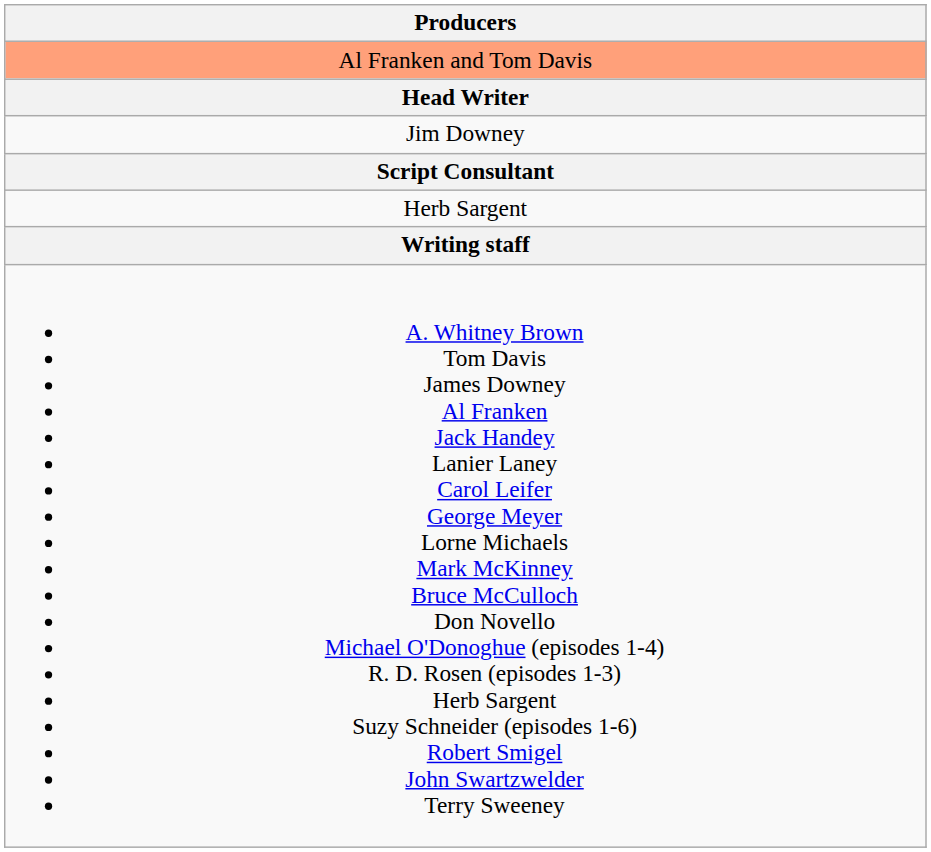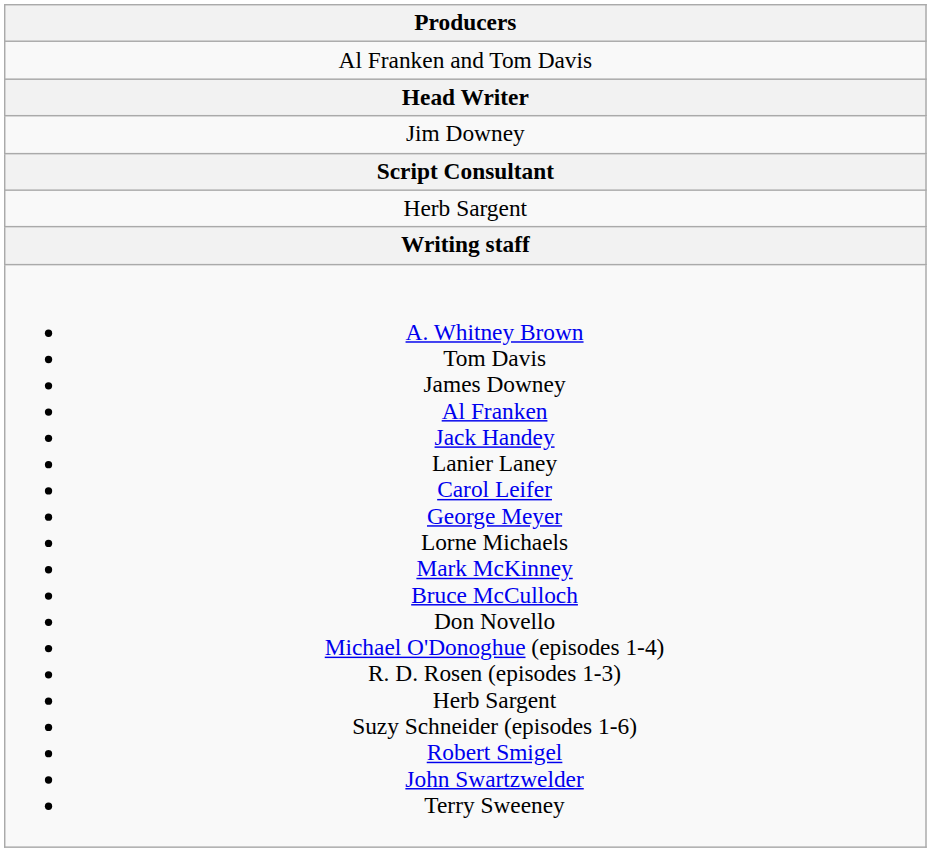 <table class="wikitable plainrowheaders"  style="text-align:center; width:50%;">
 <tr>
 <th><strong>Producers</strong></th>
 </tr>
 <tr>
-<td style="background: lightsalmon;">Al Franken and Tom Davis</td>
+<td>Al Franken and Tom Davis</td>
 </tr>
 <tr>
 <th><strong>Head Writer</strong></th>
 </tr>
 <tr>
 <td>Jim Downey</td>
 </tr>
 <tr>
 <th><strong>Script Consultant</strong></th>
 </tr>
 <tr>
 <td>Herb Sargent</td>
 </tr>
 <tr>
 <th><strong>Writing staff</strong></th>
 </tr>
 <tr>
 <td><br><ul><li><a href='#'>A. Whitney Brown</a></li><li>Tom Davis</li><li>James Downey</li><li><a href='#'>Al Franken</a></li><li><a href='#'>Jack Handey</a></li><li>Lanier Laney</li><li><a href='#'>Carol Leifer</a></li><li><a href='#'>George Meyer</a></li><li>Lorne Michaels</li><li><a href='#'>Mark McKinney</a></li><li><a href='#'>Bruce McCulloch</a></li><li>Don Novello</li><li><a href='#'>Michael O'Donoghue</a> (episodes 1-4)</li><li>R. D. Rosen (episodes 1-3)</li><li>Herb Sargent</li><li>Suzy Schneider (episodes 1-6)</li><li><a href='#'>Robert Smigel</a></li><li><a href='#'>John Swartzwelder</a></li><li>Terry Sweeney</li></ul></td>
 </tr>
 </table>
